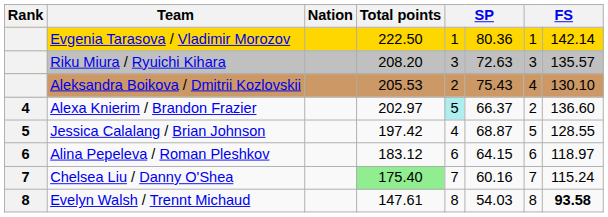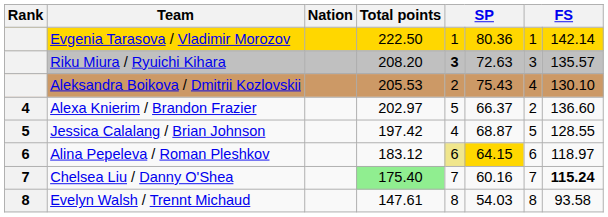 <table class="wikitable sortable" style="text-align:left;">
 <tr>
 <th scope="col">Rank</th>
 <th scope="col">Team</th>
 <th scope="col">Nation</th>
 <th scope="col">Total points</th>
 <th scope="col" colspan="2" width="80px"><a href='#'>SP</a></th>
 <th scope="col" colspan="2" width="80px"><a href='#'>FS</a></th>
 </tr>
 <tr bgcolor="gold">
 <th scope="row"></th>
 <td><a href='#'>Evgenia Tarasova</a> / <a href='#'>Vladimir Morozov</a></td>
 <td></td>
 <td align="center">222.50</td>
 <td align="center">1</td>
 <td align="center">80.36</td>
 <td align="center">1</td>
 <td align="center">142.14</td>
 </tr>
 <tr bgcolor="silver">
 <th scope="row"></th>
 <td><a href='#'>Riku Miura</a> / <a href='#'>Ryuichi Kihara</a></td>
 <td></td>
 <td align="center">208.20</td>
-<td align="center">3</td>
+<td align="center"><strong>3</strong></td>
 <td align="center">72.63</td>
 <td align="center">3</td>
 <td align="center">135.57</td>
 </tr>
 <tr bgcolor="cc9966">
 <th scope="row"></th>
 <td><a href='#'>Aleksandra Boikova</a> / <a href='#'>Dmitrii Kozlovskii</a></td>
 <td></td>
 <td align="center">205.53</td>
 <td align="center">2</td>
 <td align="center">75.43</td>
 <td align="center">4</td>
 <td align="center">130.10</td>
 </tr>
 <tr>
 <th scope="row">4</th>
 <td><a href='#'>Alexa Knierim</a> / <a href='#'>Brandon Frazier</a></td>
 <td></td>
 <td align="center">202.97</td>
-<td align="center" style="background: paleturquoise;">5</td>
+<td align="center">5</td>
 <td align="center">66.37</td>
 <td align="center">2</td>
 <td align="center">136.60</td>
 </tr>
 <tr>
 <th scope="row">5</th>
 <td><a href='#'>Jessica Calalang</a> / <a href='#'>Brian Johnson</a></td>
 <td></td>
 <td align="center">197.42</td>
 <td align="center">4</td>
 <td align="center">68.87</td>
 <td align="center">5</td>
 <td align="center">128.55</td>
 </tr>
 <tr>
 <th scope="row">6</th>
 <td><a href='#'>Alina Pepeleva</a> / <a href='#'>Roman Pleshkov</a></td>
 <td></td>
 <td align="center">183.12</td>
-<td align="center">6</td>
-<td align="center">64.15</td>
+<td align="center" style="background: khaki;">6</td>
+<td align="center" style="background: gold;">64.15</td>
 <td align="center">6</td>
 <td align="center">118.97</td>
 </tr>
 <tr>
 <th scope="row">7</th>
 <td><a href='#'>Chelsea Liu</a> / <a href='#'>Danny O'Shea</a></td>
 <td></td>
 <td align="center" style="background: lightgreen;">175.40</td>
 <td align="center">7</td>
 <td align="center">60.16</td>
 <td align="center">7</td>
-<td align="center">115.24</td>
+<td align="center"><strong>115.24</strong></td>
 </tr>
 <tr>
 <th scope="row">8</th>
 <td><a href='#'>Evelyn Walsh</a> / <a href='#'>Trennt Michaud</a></td>
 <td></td>
 <td align="center">147.61</td>
 <td align="center">8</td>
 <td align="center">54.03</td>
 <td align="center">8</td>
-<td align="center"><strong>93.58</strong></td>
+<td align="center">93.58</td>
 </tr>
 </table>
